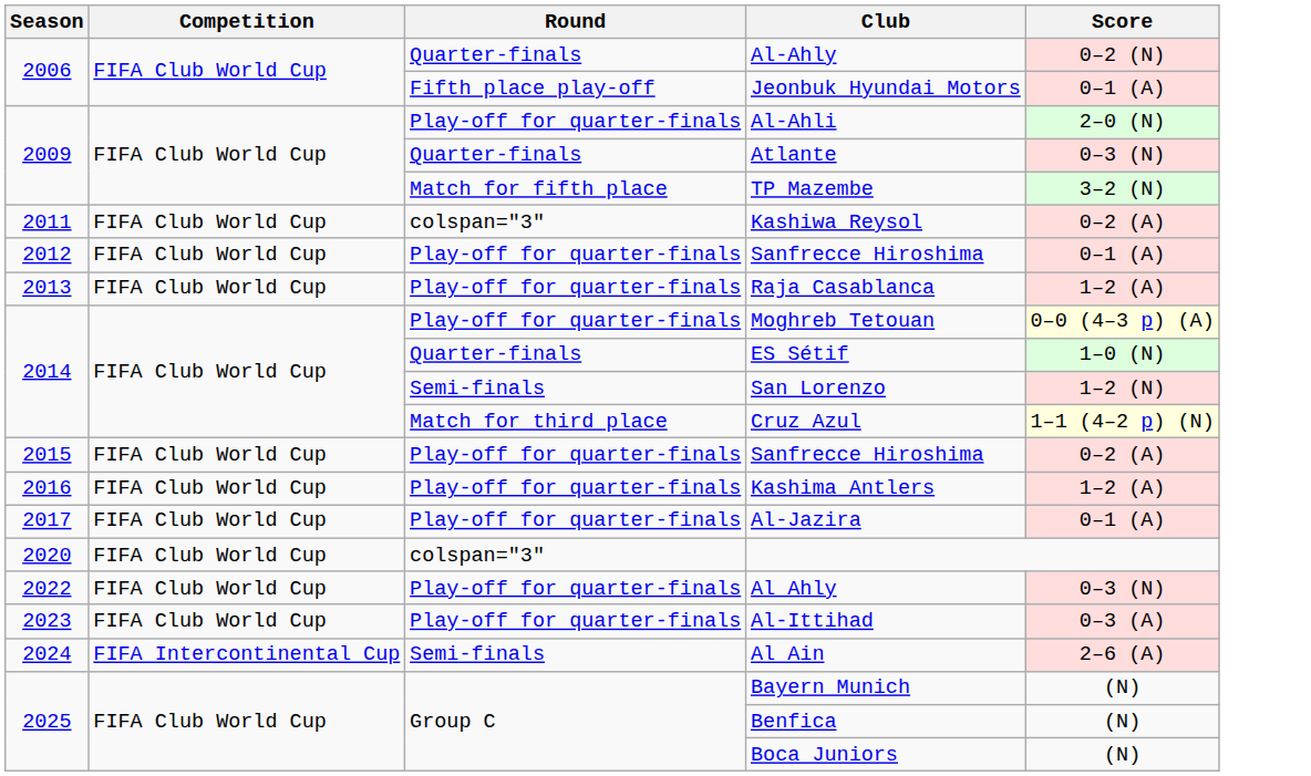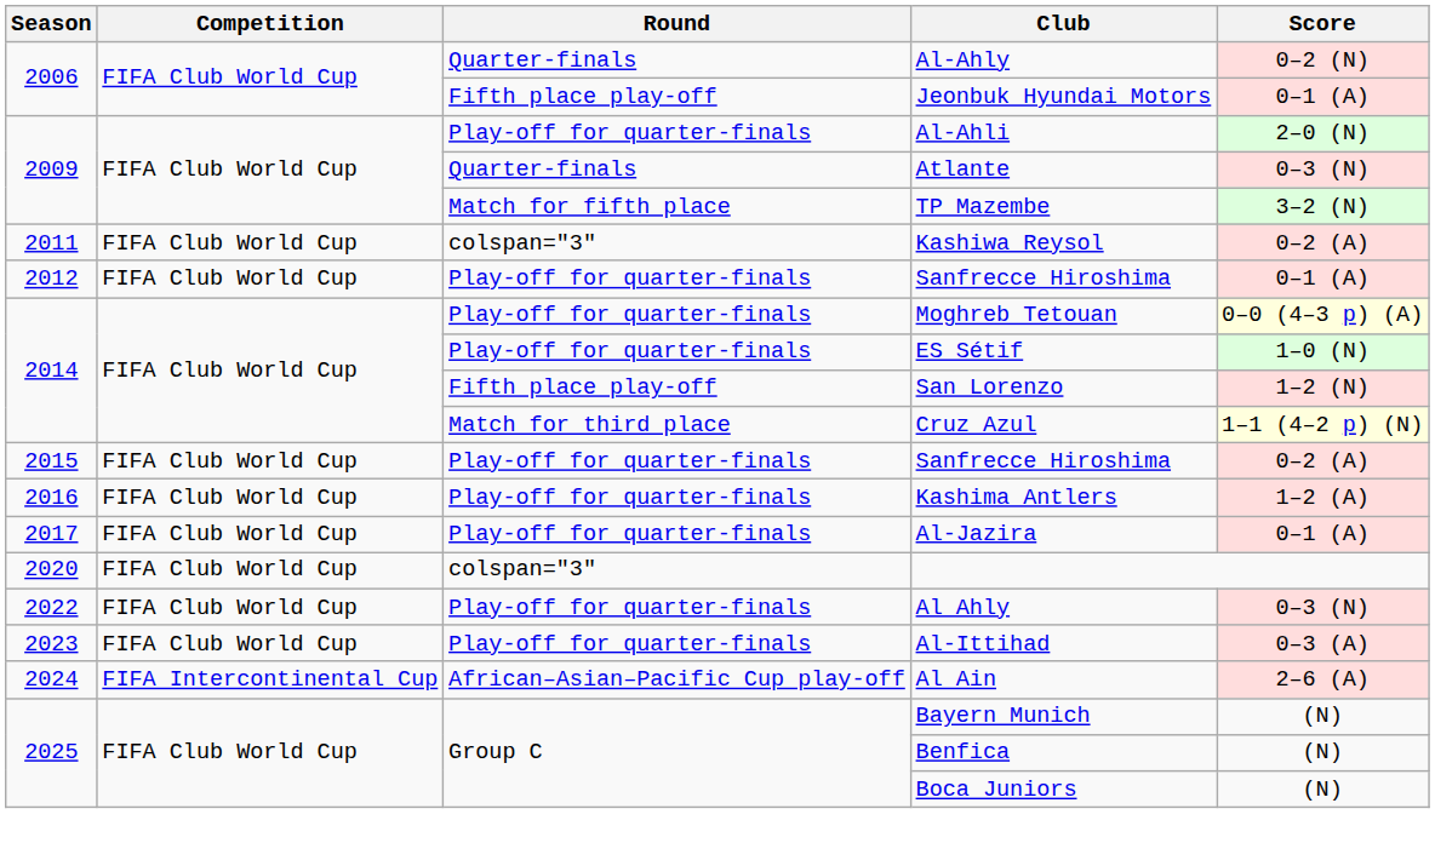 <table class="wikitable">
 <tr>
 <th>Season</th>
 <th>Competition</th>
 <th>Round</th>
 <th>Club</th>
 <th>Score</th>
 </tr>
 <tr>
 <td rowspan="2" style="text-align:center"><a href='#'>2006</a></td>
 <td rowspan="2"><a href='#'>FIFA Club World Cup</a></td>
 <td><a href='#'>Quarter-finals</a></td>
 <td> <a href='#'>Al-Ahly</a></td>
 <td style="background:#fdd;" align="center">0–2 (N)</td>
 </tr>
 <tr>
 <td><a href='#'>Fifth place play-off</a></td>
 <td> <a href='#'>Jeonbuk Hyundai Motors</a></td>
 <td style="background:#fdd;" align="center">0–1 (A)</td>
 </tr>
 <tr>
 <td rowspan="3" style="text-align:center"><a href='#'>2009</a></td>
 <td rowspan="3">FIFA Club World Cup</td>
 <td><a href='#'>Play-off for quarter-finals</a></td>
 <td> <a href='#'>Al-Ahli</a></td>
 <td style="background:#dfd;" align="center">2–0 (N)</td>
 </tr>
 <tr>
 <td><a href='#'>Quarter-finals</a></td>
 <td> <a href='#'>Atlante</a></td>
 <td style="background:#fdd;" align="center">0–3 (N)</td>
 </tr>
 <tr>
 <td><a href='#'>Match for fifth place</a></td>
 <td> <a href='#'>TP Mazembe</a></td>
 <td style="background:#dfd;" align="center">3–2 (N)</td>
 </tr>
 <tr>
 <td style="text-align:center"><a href='#'>2011</a></td>
 <td>FIFA Club World Cup</td>
 <td>colspan="3" </td>
 <td> <a href='#'>Kashiwa Reysol</a></td>
 <td style="background:#fdd;" align="center">0–2 (A)</td>
 </tr>
 <tr>
 <td style="text-align:center"><a href='#'>2012</a></td>
 <td>FIFA Club World Cup</td>
 <td><a href='#'>Play-off for quarter-finals</a></td>
 <td> <a href='#'>Sanfrecce Hiroshima</a></td>
 <td style="background:#fdd;" align="center">0–1 (A)</td>
 </tr>
 <tr>
-<td style="text-align:center"><a href='#'>2013</a></td>
-<td>FIFA Club World Cup</td>
-<td><a href='#'>Play-off for quarter-finals</a></td>
-<td> <a href='#'>Raja Casablanca</a></td>
-<td style="background:#fdd;" align="center">1–2 (A)</td>
-</tr>
-<tr>
 <td rowspan="4" style="text-align:center"><a href='#'>2014</a></td>
 <td rowspan="4">FIFA Club World Cup</td>
 <td><a href='#'>Play-off for quarter-finals</a></td>
 <td> <a href='#'>Moghreb Tetouan</a></td>
 <td style="background:#ffd;" align="center">0–0 (4–3 <a href='#'>p</a>) (A)</td>
 </tr>
 <tr>
-<td><a href='#'>Quarter-finals</a></td>
+<td><a href='#'>Play-off for quarter-finals</a></td>
 <td> <a href='#'>ES Sétif</a></td>
 <td style="background:#dfd;" align="center">1–0 (N)</td>
 </tr>
 <tr>
-<td><a href='#'>Semi-finals</a></td>
+<td><a href='#'>Fifth place play-off</a></td>
 <td> <a href='#'>San Lorenzo</a></td>
 <td style="background:#fdd;" align="center">1–2  (N)</td>
 </tr>
 <tr>
 <td><a href='#'>Match for third place</a></td>
 <td> <a href='#'>Cruz Azul</a></td>
 <td style="background:#ffd;" align="center">1–1 (4–2 <a href='#'>p</a>) (N)</td>
 </tr>
 <tr>
 <td style="text-align:center"><a href='#'>2015</a></td>
 <td>FIFA Club World Cup</td>
 <td><a href='#'>Play-off for quarter-finals</a></td>
 <td> <a href='#'>Sanfrecce Hiroshima</a></td>
 <td style="background:#fdd;" align="center">0–2 (A)</td>
 </tr>
 <tr>
 <td style="text-align:center"><a href='#'>2016</a></td>
 <td>FIFA Club World Cup</td>
 <td><a href='#'>Play-off for quarter-finals</a></td>
 <td> <a href='#'>Kashima Antlers</a></td>
 <td style="background:#fdd;" align="center">1–2 (A)</td>
 </tr>
 <tr>
 <td style="text-align:center"><a href='#'>2017</a></td>
 <td>FIFA Club World Cup</td>
 <td><a href='#'>Play-off for quarter-finals</a></td>
 <td> <a href='#'>Al-Jazira</a></td>
 <td style="background:#fdd;" align="center">0–1 (A)</td>
 </tr>
 <tr>
 <td style="text-align:center"><a href='#'>2020</a></td>
 <td>FIFA Club World Cup</td>
 <td>colspan="3" </td>
 </tr>
 <tr>
 <td style="text-align:center"><a href='#'>2022</a></td>
 <td>FIFA Club World Cup</td>
 <td><a href='#'>Play-off for quarter-finals</a></td>
 <td> <a href='#'>Al Ahly</a></td>
 <td style="background:#fdd;" align="center">0–3 (N)</td>
 </tr>
 <tr>
 <td style="text-align:center"><a href='#'>2023</a></td>
 <td>FIFA Club World Cup</td>
 <td><a href='#'>Play-off for quarter-finals</a></td>
 <td> <a href='#'>Al-Ittihad</a></td>
 <td style="background:#fdd;" align="center">0–3 (A)</td>
 </tr>
 <tr>
 <td style="text-align:center"><a href='#'>2024</a></td>
 <td><a href='#'>FIFA Intercontinental Cup</a></td>
-<td><a href='#'>Semi-finals</a></td>
+<td><a href='#'>African–Asian–Pacific Cup play-off</a></td>
 <td> <a href='#'>Al Ain</a></td>
 <td style="background:#fdd;" align="center">2–6 (A)</td>
 </tr>
 <tr>
 <td rowspan="3" style="text-align:center"><a href='#'>2025</a></td>
 <td rowspan="3">FIFA Club World Cup</td>
 <td rowspan="3">Group C</td>
 <td> <a href='#'>Bayern Munich</a></td>
 <td style="background:#;" align="center">(N)</td>
 </tr>
 <tr>
 <td> <a href='#'>Benfica</a></td>
 <td style="text-align:center">(N)</td>
 </tr>
 <tr>
 <td> <a href='#'>Boca Juniors</a></td>
 <td style="text-align:center">(N)</td>
 </tr>
 </table>
